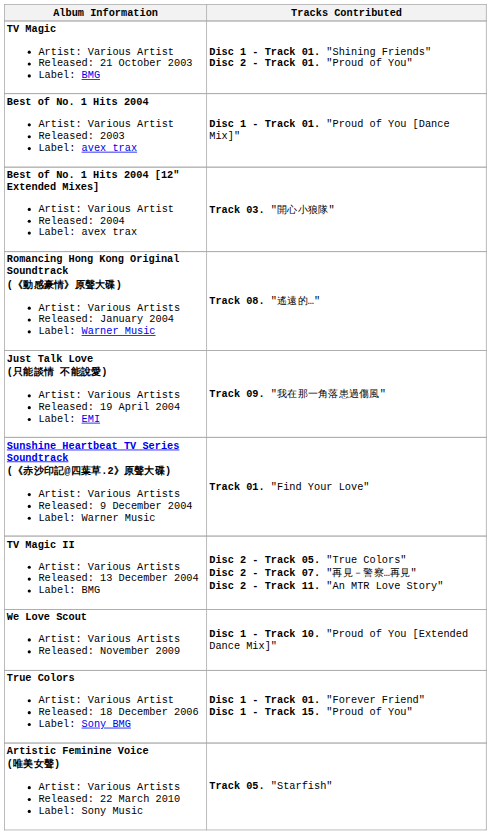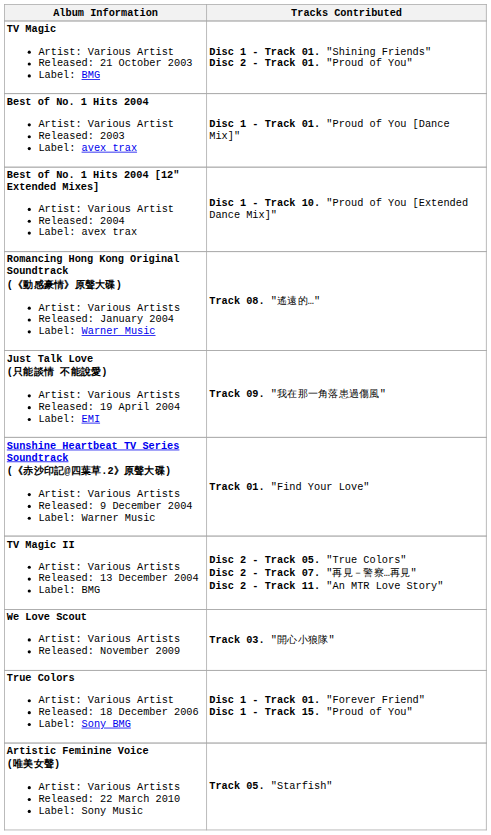 <table class="wikitable">
 <tr>
 <th align="left" width="250px">Album Information</th>
 <th align="left">Tracks Contributed</th>
 </tr>
 <tr>
 </tr>
 <tr bgcolor="#FFFFFF">
 <td align="left"><strong>TV Magic</strong><br><ul><li>Artist: Various Artist</li><li>Released: 21 October 2003</li><li>Label: <a href='#'>BMG</a></li></ul></td>
 <td align="left"><strong>Disc 1 - Track 01.</strong> "Shining Friends"<br><strong>Disc 2 - Track 01.</strong> "Proud of You"</td>
 </tr>
 <tr>
 </tr>
 <tr bgcolor="#FFFFFF">
 <td align="left"><strong>Best of No. 1 Hits 2004</strong><br><ul><li>Artist: Various Artist</li><li>Released: 2003</li><li>Label: <a href='#'>avex trax</a></li></ul></td>
 <td align="left"><strong>Disc 1 - Track 01.</strong> "Proud of You [Dance Mix]"</td>
 </tr>
 <tr>
 </tr>
 <tr bgcolor="#FFFFFF">
 <td align="left"><strong>Best of No. 1 Hits 2004 [12" Extended Mixes]</strong><br><ul><li>Artist: Various Artist</li><li>Released: 2004</li><li>Label: avex trax</li></ul></td>
-<td align="left"><strong>Track 03.</strong> "開心小狼隊"</td>
+<td align="left"><strong>Disc 1 - Track 10.</strong> "Proud of You [Extended Dance Mix]"</td>
 </tr>
 <tr>
 </tr>
 <tr bgcolor="#FFFFFF">
 <td align="left"><strong>Romancing Hong Kong Original Soundtrack</strong><br><strong>(《動感豪情》原聲大碟)</strong><ul><li>Artist: Various Artists</li><li>Released: January 2004</li><li>Label: <a href='#'>Warner Music</a></li></ul></td>
 <td align="left"><strong>Track 08.</strong> "遙遠的…"</td>
 </tr>
 <tr>
 </tr>
 <tr bgcolor="#FFFFFF">
 <td align="left"><strong>Just Talk Love</strong><br><strong>(只能談情 不能說愛)</strong><ul><li>Artist: Various Artists</li><li>Released: 19 April 2004</li><li>Label: <a href='#'>EMI</a></li></ul></td>
 <td align="left"><strong>Track 09.</strong> "我在那一角落患過傷風"</td>
 </tr>
 <tr>
 </tr>
 <tr bgcolor="#FFFFFF">
 <td align="left"><strong><a href='#'>Sunshine Heartbeat TV Series Soundtrack</a></strong><br><strong>(《赤沙印記@四葉草.2》原聲大碟)</strong><ul><li>Artist: Various Artists</li><li>Released: 9 December 2004</li><li>Label: Warner Music</li></ul></td>
 <td align="left"><strong>Track 01.</strong> "Find Your Love"</td>
 </tr>
 <tr>
 </tr>
 <tr bgcolor="#FFFFFF">
 <td align="left"><strong>TV Magic II</strong><br><ul><li>Artist: Various Artists</li><li>Released: 13 December 2004</li><li>Label: BMG</li></ul></td>
 <td align="left"><strong>Disc 2 - Track 05.</strong> "True Colors"<br><strong>Disc 2 - Track 07.</strong> "再見－警察…再見"<br><strong>Disc 2 - Track 11.</strong> "An MTR Love Story"</td>
 </tr>
 <tr>
 </tr>
 <tr bgcolor="#FFFFFF">
 <td align="left"><strong>We Love Scout</strong><br><ul><li>Artist: Various Artists</li><li>Released: November 2009</li></ul></td>
-<td align="left"><strong>Disc 1 - Track 10.</strong> "Proud of You [Extended Dance Mix]"</td>
+<td align="left"><strong>Track 03.</strong> "開心小狼隊"</td>
 </tr>
 <tr>
 </tr>
 <tr bgcolor="#FFFFFF">
 <td align="left"><strong>True Colors</strong><br><ul><li>Artist: Various Artist</li><li>Released: 18 December 2006</li><li>Label: <a href='#'>Sony BMG</a></li></ul></td>
 <td align="left"><strong>Disc 1 - Track 01.</strong> "Forever Friend"<br><strong>Disc 1 - Track 15.</strong> "Proud of You"</td>
 </tr>
 <tr>
 </tr>
 <tr bgcolor="#FFFFFF">
 <td align="left"><strong>Artistic Feminine Voice</strong><br><strong>(唯美女聲)</strong><ul><li>Artist: Various Artists</li><li>Released: 22 March 2010</li><li>Label: Sony Music</li></ul></td>
 <td align="left"><strong>Track 05.</strong> "Starfish"</td>
 </tr>
 </table>
